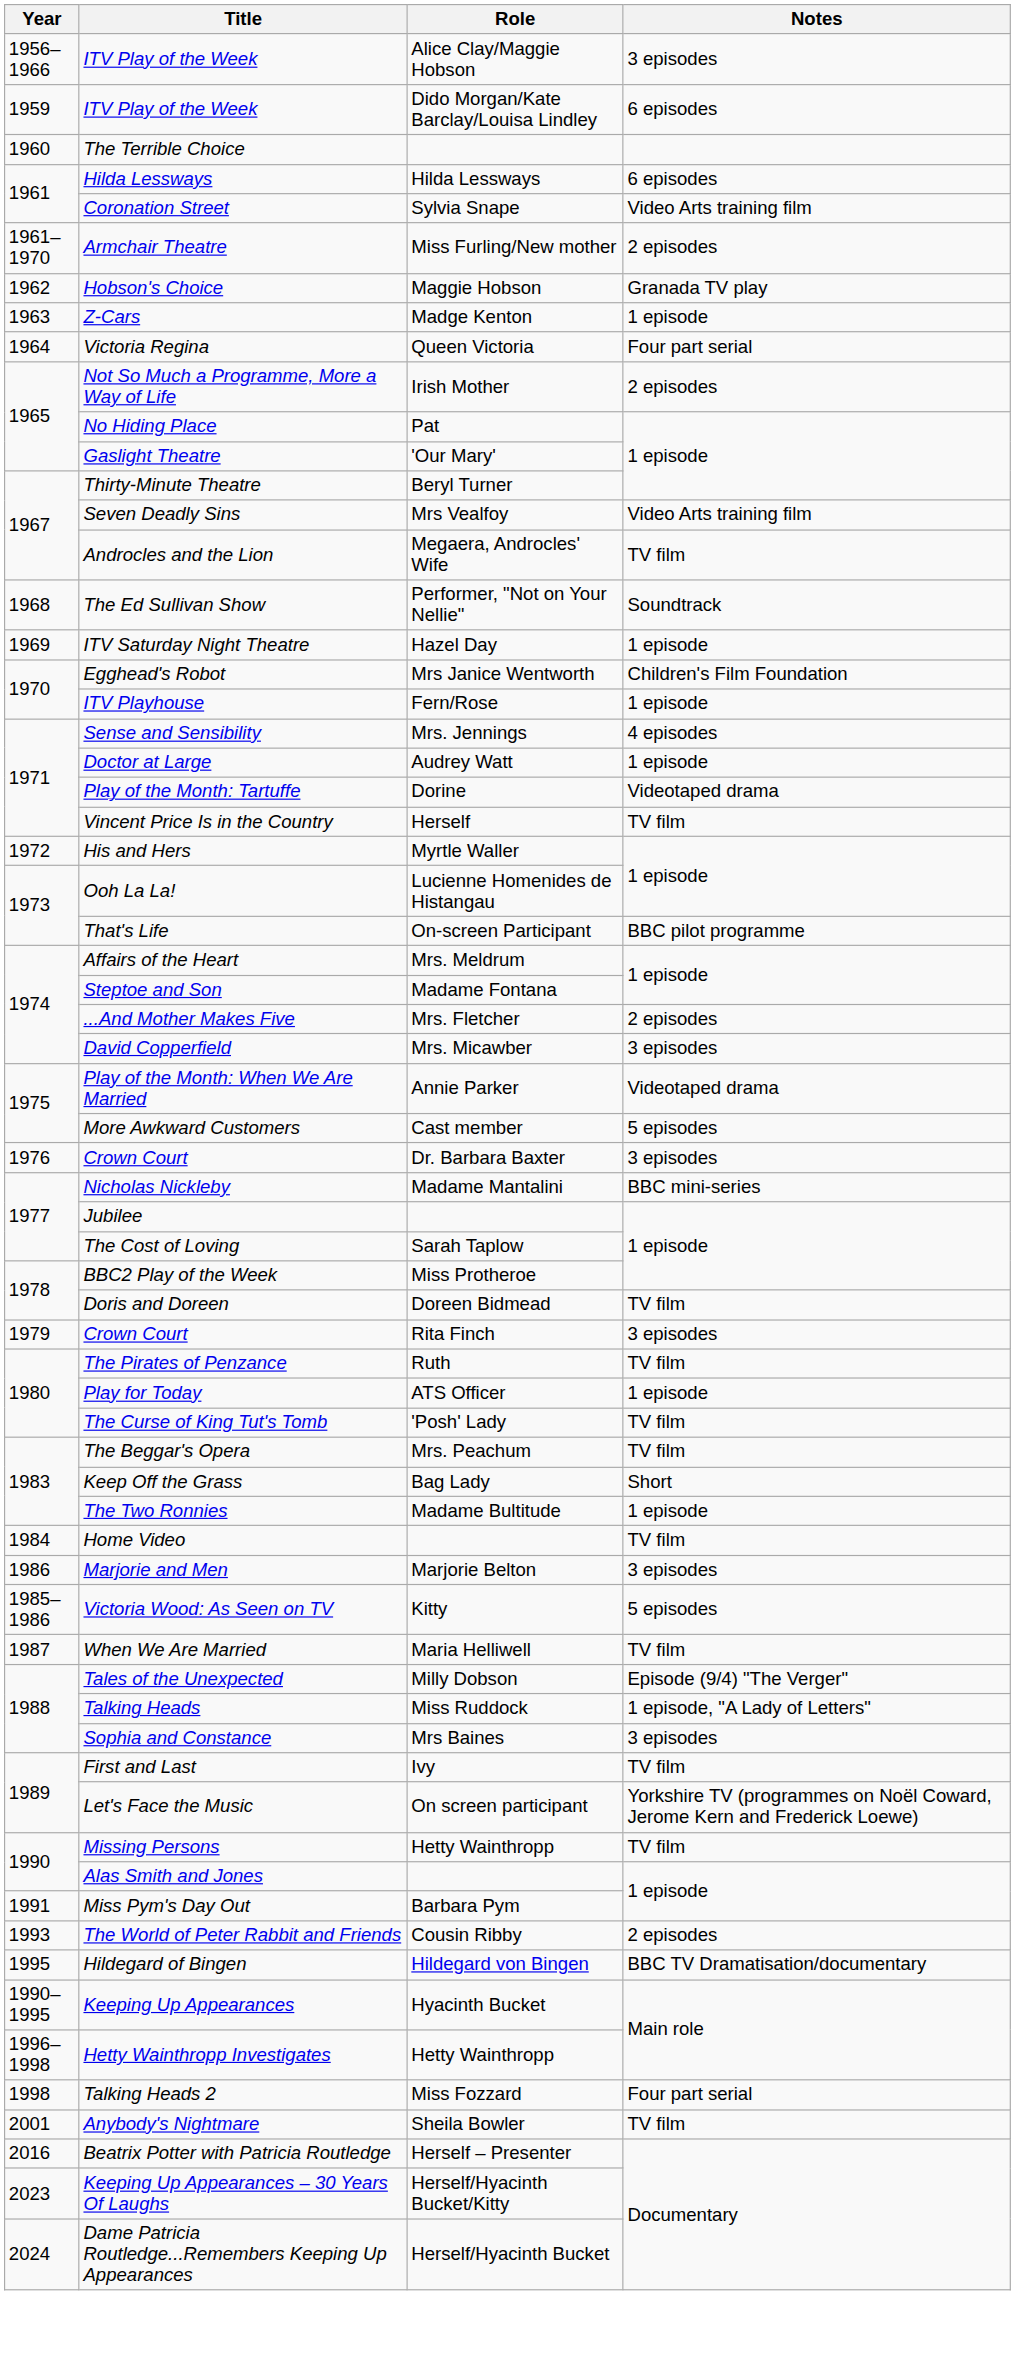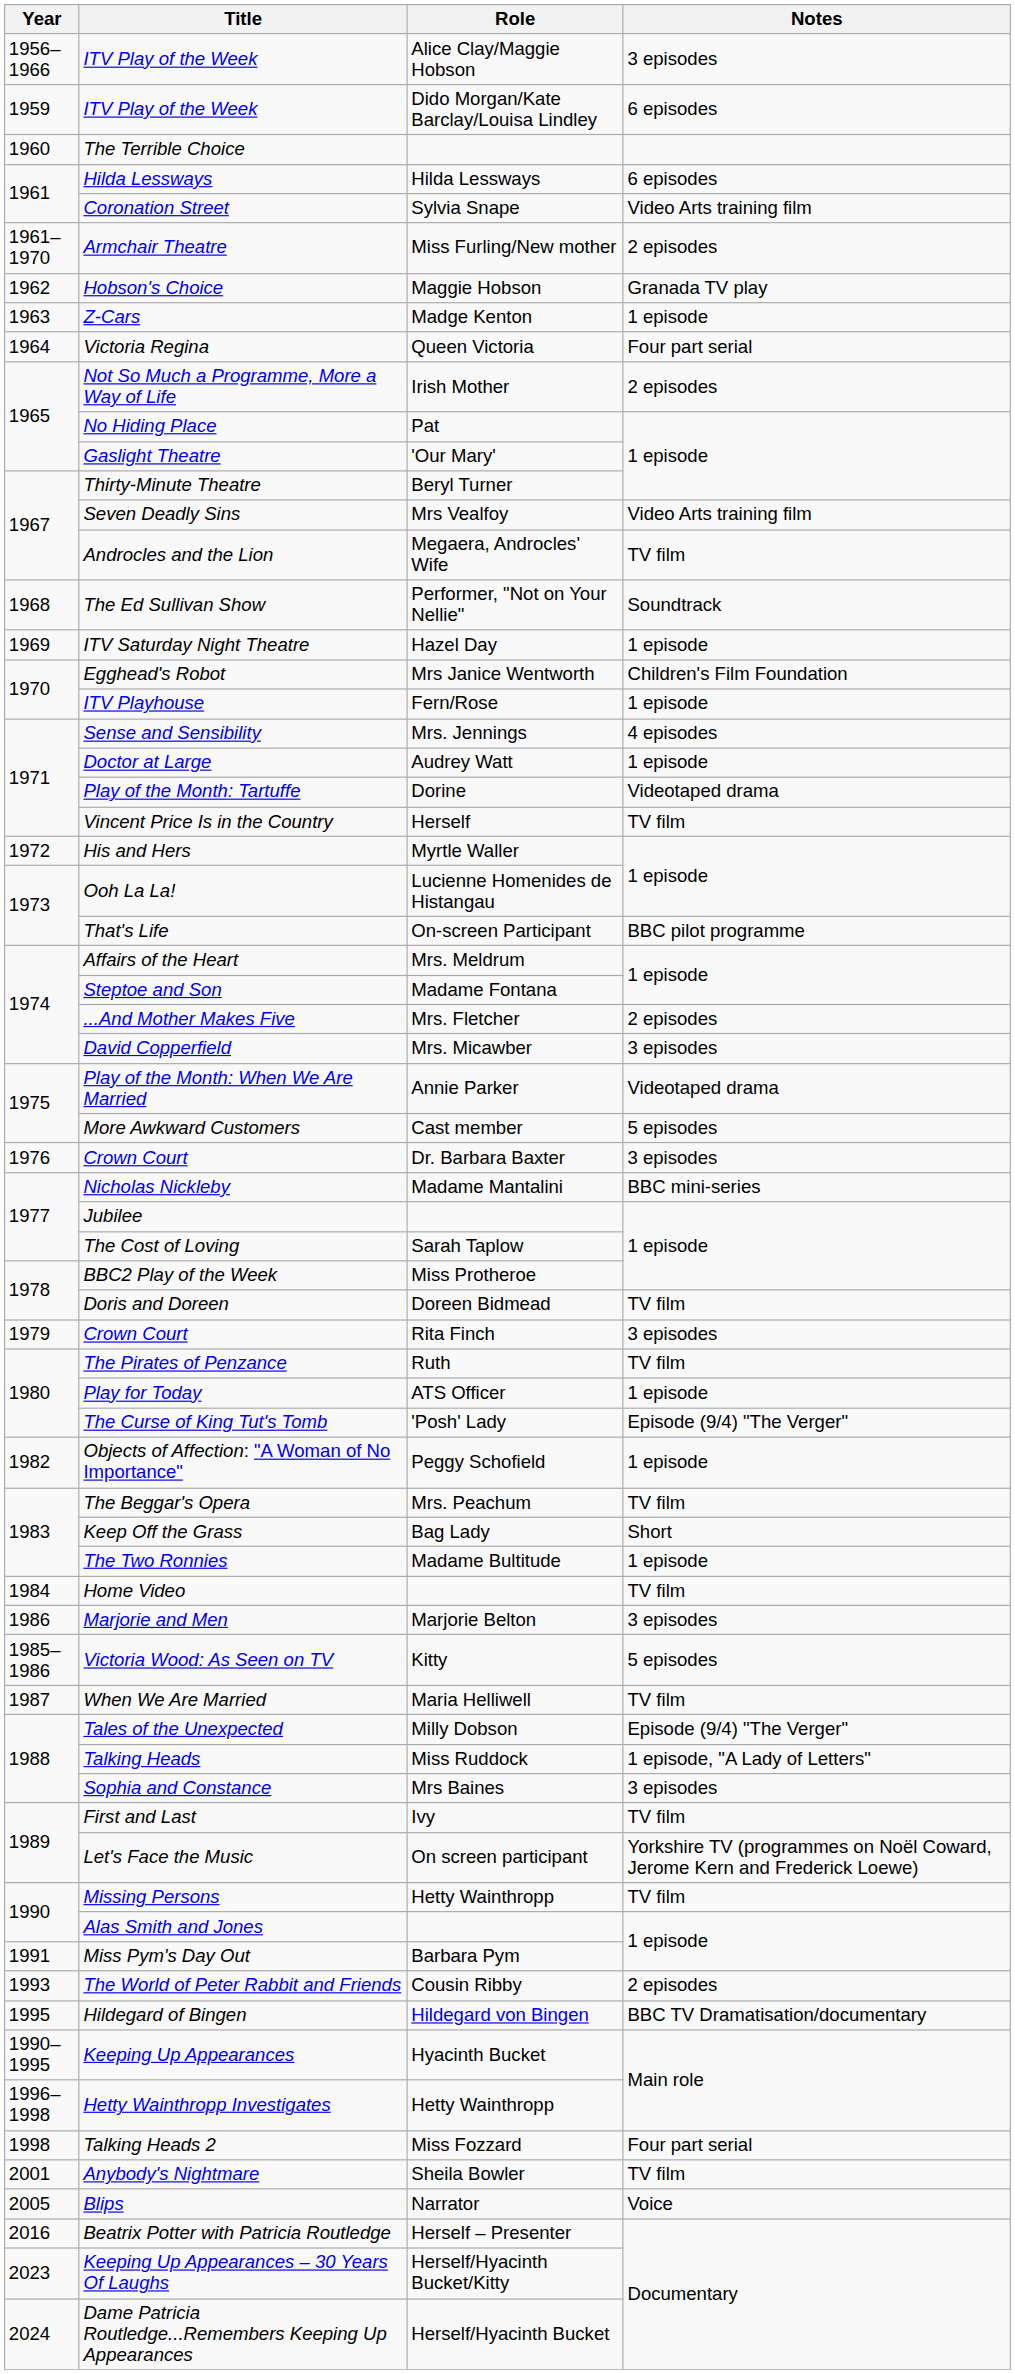 <table class="wikitable sortable">
 <tr>
 <th>Year</th>
 <th>Title</th>
 <th>Role</th>
 <th class="unsortable">Notes</th>
 </tr>
 <tr>
 <td>1956–1966</td>
 <td><em><a href='#'>ITV Play of the Week</a></em></td>
 <td>Alice Clay/Maggie Hobson</td>
 <td>3 episodes</td>
 </tr>
 <tr>
 <td>1959</td>
 <td><em><a href='#'>ITV Play of the Week</a></em></td>
 <td>Dido Morgan/Kate Barclay/Louisa Lindley</td>
 <td>6 episodes</td>
 </tr>
 <tr>
 <td>1960</td>
 <td><em>The Terrible Choice</em></td>
 <td></td>
 <td></td>
 </tr>
 <tr>
 <td rowspan=2>1961</td>
 <td><em><a href='#'>Hilda Lessways</a></em></td>
 <td>Hilda Lessways</td>
 <td>6 episodes</td>
 </tr>
 <tr>
 <td><em><a href='#'>Coronation Street</a></em></td>
 <td>Sylvia Snape</td>
 <td>Video Arts training film</td>
 </tr>
 <tr>
 <td>1961–1970</td>
 <td><em><a href='#'>Armchair Theatre</a></em></td>
 <td>Miss Furling/New mother</td>
 <td>2 episodes</td>
 </tr>
 <tr>
 <td>1962</td>
 <td><em><a href='#'>Hobson's Choice</a></em></td>
 <td>Maggie Hobson</td>
 <td>Granada TV play</td>
 </tr>
 <tr>
 <td>1963</td>
 <td><em><a href='#'>Z-Cars</a></em></td>
 <td>Madge Kenton</td>
 <td>1 episode</td>
 </tr>
 <tr>
 <td>1964</td>
 <td><em>Victoria Regina</em></td>
 <td>Queen Victoria</td>
 <td>Four part serial</td>
 </tr>
 <tr>
 <td rowspan=3>1965</td>
 <td><em><a href='#'>Not So Much a Programme, More a Way of Life</a></em></td>
 <td>Irish Mother</td>
 <td>2 episodes</td>
 </tr>
 <tr>
 <td><em><a href='#'>No Hiding Place</a></em></td>
 <td>Pat</td>
 <td rowspan=3>1 episode</td>
 </tr>
 <tr>
 <td><em><a href='#'>Gaslight Theatre</a></em></td>
 <td>'Our Mary'</td>
 </tr>
 <tr>
 <td rowspan=3>1967</td>
 <td><em>Thirty-Minute Theatre</em></td>
 <td>Beryl Turner</td>
 </tr>
 <tr>
 <td><em>Seven Deadly Sins</em></td>
 <td>Mrs Vealfoy</td>
 <td>Video Arts training film</td>
 </tr>
 <tr>
 <td><em>Androcles and the Lion</em></td>
 <td>Megaera, Androcles' Wife</td>
 <td>TV film</td>
 </tr>
 <tr>
 <td>1968</td>
 <td><em>The Ed Sullivan Show</em></td>
 <td>Performer, "Not on Your Nellie"</td>
 <td>Soundtrack</td>
 </tr>
 <tr>
 <td>1969</td>
 <td><em>ITV Saturday Night Theatre</em></td>
 <td>Hazel Day</td>
 <td>1 episode</td>
 </tr>
 <tr>
 <td rowspan=2>1970</td>
 <td><em>Egghead's Robot</em></td>
 <td>Mrs Janice Wentworth</td>
 <td>Children's Film Foundation</td>
 </tr>
 <tr>
 <td><em><a href='#'>ITV Playhouse</a></em></td>
 <td>Fern/Rose</td>
 <td>1 episode</td>
 </tr>
 <tr>
 <td rowspan=4>1971</td>
 <td><em><a href='#'>Sense and Sensibility</a></em></td>
 <td>Mrs. Jennings</td>
 <td>4 episodes</td>
 </tr>
 <tr>
 <td><em><a href='#'>Doctor at Large</a></em></td>
 <td>Audrey Watt</td>
 <td>1 episode</td>
 </tr>
 <tr>
 <td><em><a href='#'>Play of the Month: Tartuffe</a></em></td>
 <td>Dorine</td>
 <td>Videotaped drama</td>
 </tr>
 <tr>
 <td><em>Vincent Price Is in the Country</em></td>
 <td>Herself</td>
 <td>TV film</td>
 </tr>
 <tr>
 <td>1972</td>
 <td><em>His and Hers</em></td>
 <td>Myrtle Waller</td>
 <td rowspan=2>1 episode</td>
 </tr>
 <tr>
 <td rowspan=2>1973</td>
 <td><em>Ooh La La!</em></td>
 <td>Lucienne Homenides de Histangau</td>
 </tr>
 <tr>
 <td><em>That's Life</em></td>
 <td>On-screen Participant</td>
 <td>BBC pilot programme</td>
 </tr>
 <tr>
 <td rowspan=4>1974</td>
 <td><em>Affairs of the Heart</em></td>
 <td>Mrs. Meldrum</td>
 <td rowspan=2>1 episode</td>
 </tr>
 <tr>
 <td><em><a href='#'>Steptoe and Son</a></em></td>
 <td>Madame Fontana</td>
 </tr>
 <tr>
 <td><em><a href='#'>...And Mother Makes Five</a></em></td>
 <td>Mrs. Fletcher</td>
 <td>2 episodes</td>
 </tr>
 <tr>
 <td><em><a href='#'>David Copperfield</a></em></td>
 <td>Mrs. Micawber</td>
 <td>3 episodes</td>
 </tr>
 <tr>
 <td rowspan=2>1975</td>
 <td><em><a href='#'>Play of the Month: When We Are Married</a></em></td>
 <td>Annie Parker</td>
 <td>Videotaped drama</td>
 </tr>
 <tr>
 <td><em>More Awkward Customers</em></td>
 <td>Cast member</td>
 <td>5 episodes</td>
 </tr>
 <tr>
 <td>1976</td>
 <td><em><a href='#'>Crown Court</a></em></td>
 <td>Dr. Barbara Baxter</td>
 <td>3 episodes</td>
 </tr>
 <tr>
 <td rowspan=3>1977</td>
 <td><em><a href='#'>Nicholas Nickleby</a></em></td>
 <td>Madame Mantalini</td>
 <td>BBC mini-series</td>
 </tr>
 <tr>
 <td><em>Jubilee</em></td>
 <td></td>
 <td rowspan=3>1 episode</td>
 </tr>
 <tr>
 <td><em>The Cost of Loving</em></td>
 <td>Sarah Taplow</td>
 </tr>
 <tr>
 <td rowspan=2>1978</td>
 <td><em>BBC2 Play of the Week</em></td>
 <td>Miss Protheroe</td>
 </tr>
 <tr>
 <td><em>Doris and Doreen</em></td>
 <td>Doreen Bidmead</td>
 <td>TV film</td>
 </tr>
 <tr>
 <td>1979</td>
 <td><em><a href='#'>Crown Court</a></em></td>
 <td>Rita Finch</td>
 <td>3 episodes</td>
 </tr>
 <tr>
 <td rowspan=3>1980</td>
 <td><em><a href='#'>The Pirates of Penzance</a></em></td>
 <td>Ruth</td>
 <td>TV film</td>
 </tr>
 <tr>
 <td><em><a href='#'>Play for Today</a></em></td>
 <td>ATS Officer</td>
 <td>1 episode</td>
 </tr>
 <tr>
 <td><em><a href='#'>The Curse of King Tut's Tomb</a></em></td>
 <td>'Posh' Lady</td>
-<td>TV film</td>
+<td>Episode (9/4) "The Verger"</td>
+</tr>
+<tr>
+<td>1982</td>
+<td><em>Objects of Affection</em>: <a href='#'>"A Woman of No Importance"</a></td>
+<td>Peggy Schofield</td>
+<td>1 episode</td>
 </tr>
 <tr>
 <td rowspan=3>1983</td>
 <td><em>The Beggar's Opera</em></td>
 <td>Mrs. Peachum</td>
 <td>TV film</td>
 </tr>
 <tr>
 <td><em>Keep Off the Grass</em></td>
 <td>Bag Lady</td>
 <td>Short</td>
 </tr>
 <tr>
 <td><em><a href='#'>The Two Ronnies</a></em></td>
 <td>Madame Bultitude</td>
 <td>1 episode</td>
 </tr>
 <tr>
 <td>1984</td>
 <td><em>Home Video</em></td>
 <td></td>
 <td>TV film</td>
 </tr>
 <tr>
 <td>1986</td>
 <td><em><a href='#'>Marjorie and Men</a></em></td>
 <td>Marjorie Belton</td>
 <td>3 episodes</td>
 </tr>
 <tr>
 <td>1985–1986</td>
 <td><em><a href='#'>Victoria Wood: As Seen on TV</a></em></td>
 <td>Kitty</td>
 <td>5 episodes</td>
 </tr>
 <tr>
 <td>1987</td>
 <td><em>When We Are Married</em></td>
 <td>Maria Helliwell</td>
 <td>TV film</td>
 </tr>
 <tr>
 <td rowspan=3>1988</td>
 <td><em><a href='#'>Tales of the Unexpected</a></em></td>
 <td>Milly Dobson</td>
 <td>Episode (9/4) "The Verger"</td>
 </tr>
 <tr>
 <td><em><a href='#'>Talking Heads</a></em></td>
 <td>Miss Ruddock</td>
 <td>1 episode, "A Lady of Letters"</td>
 </tr>
 <tr>
 <td><em><a href='#'>Sophia and Constance</a></em></td>
 <td>Mrs Baines</td>
 <td>3 episodes</td>
 </tr>
 <tr>
 <td rowspan=2>1989</td>
 <td><em>First and Last</em></td>
 <td>Ivy</td>
 <td>TV film</td>
 </tr>
 <tr>
 <td><em>Let's Face the Music</em></td>
 <td>On screen participant</td>
 <td>Yorkshire TV (programmes on Noël Coward, Jerome Kern and Frederick Loewe)</td>
 </tr>
 <tr>
 <td rowspan=2>1990</td>
 <td><em><a href='#'>Missing Persons</a></em></td>
 <td>Hetty Wainthropp</td>
 <td>TV film</td>
 </tr>
 <tr>
 <td><em><a href='#'>Alas Smith and Jones</a></em></td>
 <td></td>
 <td rowspan=2>1 episode</td>
 </tr>
 <tr>
 <td>1991</td>
 <td><em>Miss Pym's Day Out</em></td>
 <td>Barbara Pym</td>
 </tr>
 <tr>
 <td>1993</td>
 <td><em><a href='#'>The World of Peter Rabbit and Friends</a></em></td>
 <td>Cousin Ribby</td>
 <td>2 episodes</td>
 </tr>
 <tr>
 <td>1995</td>
 <td><em>Hildegard of Bingen</em></td>
 <td><a href='#'>Hildegard von Bingen</a></td>
 <td>BBC TV Dramatisation/documentary</td>
 </tr>
 <tr>
 <td>1990–1995</td>
 <td><em><a href='#'>Keeping Up Appearances</a></em></td>
 <td>Hyacinth Bucket</td>
 <td rowspan=2>Main role</td>
 </tr>
 <tr>
 <td>1996–1998</td>
 <td><em><a href='#'>Hetty Wainthropp Investigates</a></em></td>
 <td>Hetty Wainthropp</td>
 </tr>
 <tr>
 <td>1998</td>
 <td><em>Talking Heads 2</em></td>
 <td>Miss Fozzard</td>
 <td>Four part serial</td>
 </tr>
 <tr>
 <td>2001</td>
 <td><em><a href='#'>Anybody's Nightmare</a></em></td>
 <td>Sheila Bowler</td>
 <td>TV film</td>
 </tr>
 <tr>
+<td>2005</td>
+<td><em><a href='#'>Blips</a></em></td>
+<td>Narrator</td>
+<td>Voice</td>
+</tr>
+<tr>
 <td>2016</td>
 <td><em>Beatrix Potter with Patricia Routledge</em></td>
 <td>Herself – Presenter</td>
 <td rowspan=3>Documentary</td>
 </tr>
 <tr>
 <td>2023</td>
 <td><em><a href='#'>Keeping Up Appearances – 30 Years Of Laughs</a></em></td>
 <td>Herself/Hyacinth Bucket/Kitty</td>
 </tr>
 <tr>
 <td>2024</td>
 <td><em>Dame Patricia Routledge...Remembers Keeping Up Appearances</em></td>
 <td>Herself/Hyacinth Bucket</td>
 </tr>
 </table>
